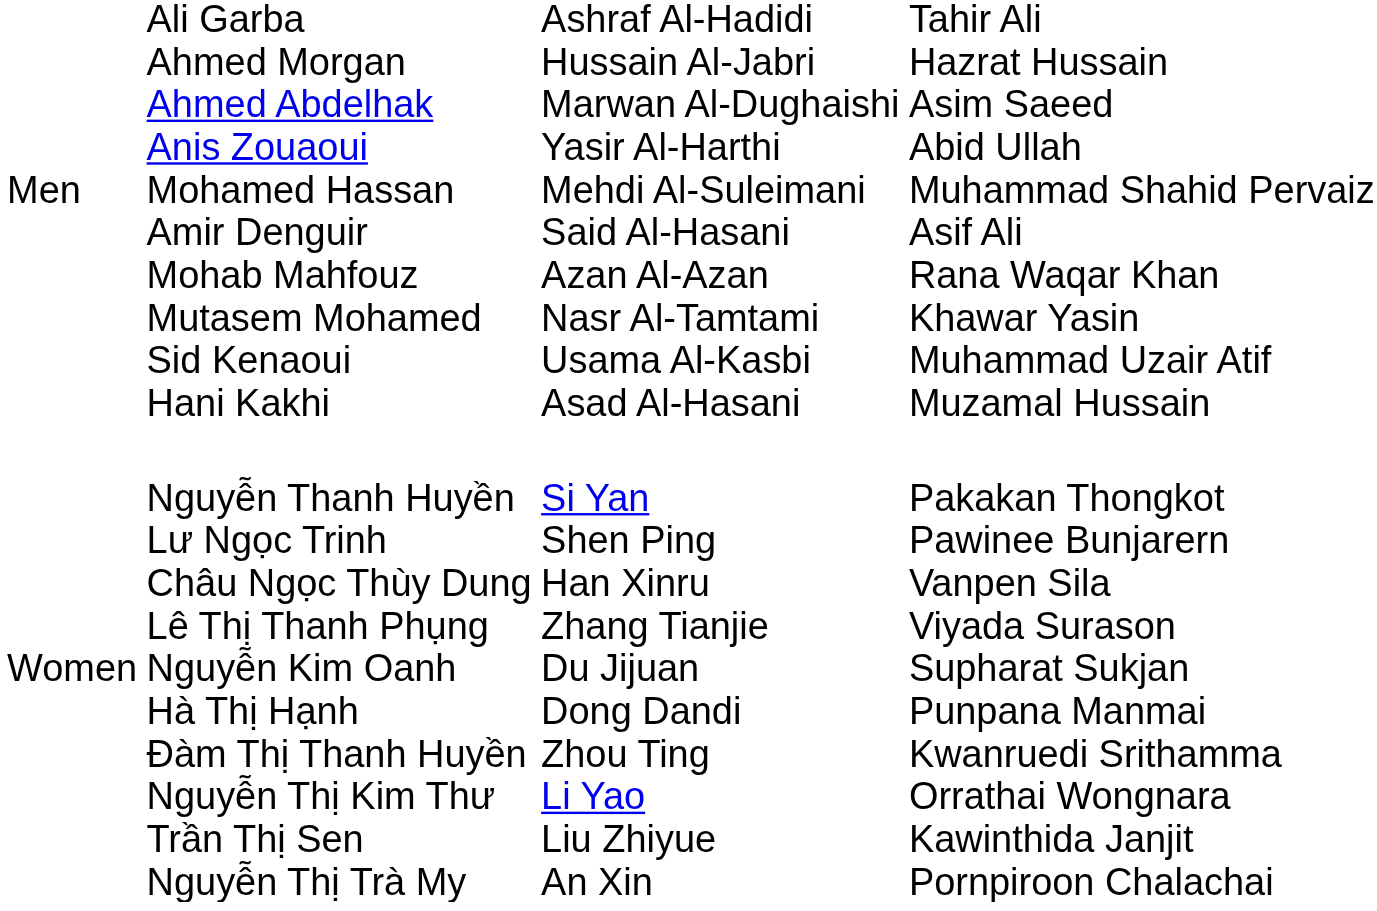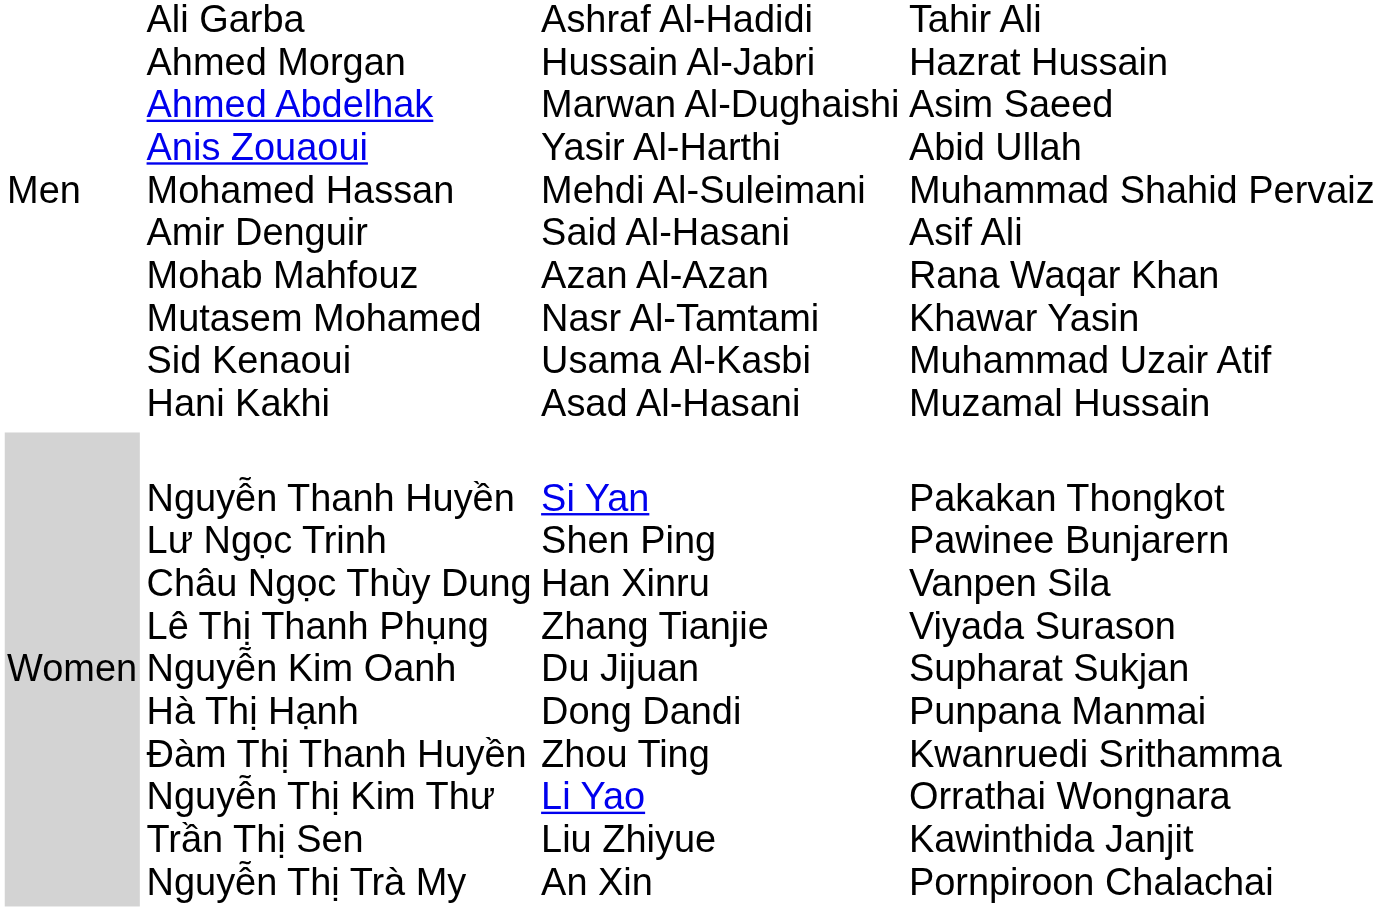 <table>
 <tr>
 <td>Men</td>
 <td><br>Ali Garba<br>Ahmed Morgan<br><a href='#'>Ahmed Abdelhak</a><br><a href='#'>Anis Zouaoui</a><br>Mohamed Hassan<br>Amir Denguir<br>Mohab Mahfouz<br>Mutasem Mohamed<br>Sid Kenaoui<br>Hani Kakhi</td>
 <td><br>Ashraf Al-Hadidi<br>Hussain Al-Jabri<br>Marwan Al-Dughaishi<br>Yasir Al-Harthi<br>Mehdi Al-Suleimani<br>Said Al-Hasani<br>Azan Al-Azan<br>Nasr Al-Tamtami<br>Usama Al-Kasbi<br>Asad Al-Hasani</td>
 <td><br>Tahir Ali<br>Hazrat Hussain<br>Asim Saeed<br>Abid Ullah<br>Muhammad Shahid Pervaiz<br>Asif Ali<br>Rana Waqar Khan<br>Khawar Yasin<br>Muhammad Uzair Atif<br>Muzamal Hussain</td>
 </tr>
 <tr>
-<td>Women</td>
+<td style="background: lightgrey;">Women</td>
 <td><br>Nguyễn Thanh Huyền<br>Lư Ngọc Trinh<br>Châu Ngọc Thùy Dung<br>Lê Thị Thanh Phụng<br>Nguyễn Kim Oanh<br>Hà Thị Hạnh<br>Đàm Thị Thanh Huyền<br>Nguyễn Thị Kim Thư<br>Trần Thị Sen<br>Nguyễn Thị Trà My</td>
 <td><br><a href='#'>Si Yan</a><br>Shen Ping<br>Han Xinru<br>Zhang Tianjie<br>Du Jijuan<br>Dong Dandi<br>Zhou Ting<br><a href='#'>Li Yao</a><br>Liu Zhiyue<br>An Xin</td>
 <td><br>Pakakan Thongkot<br>Pawinee Bunjarern<br>Vanpen Sila<br>Viyada Surason<br>Supharat Sukjan<br>Punpana Manmai<br>Kwanruedi Srithamma<br>Orrathai Wongnara<br>Kawinthida Janjit<br>Pornpiroon Chalachai</td>
 </tr>
 </table>
